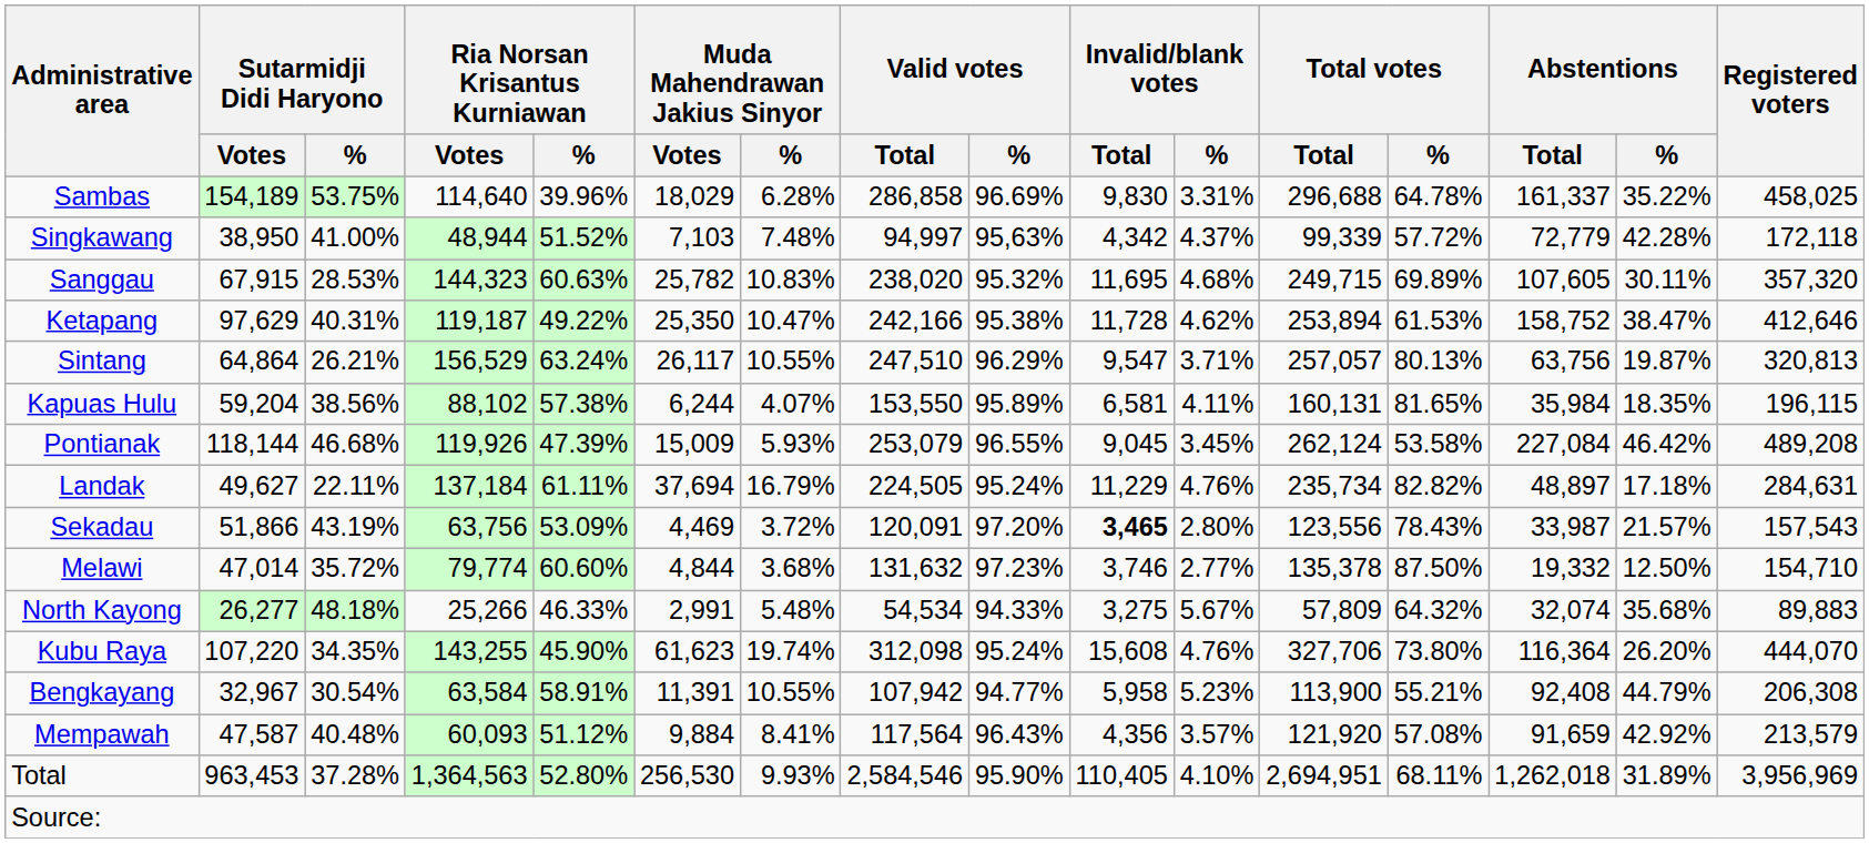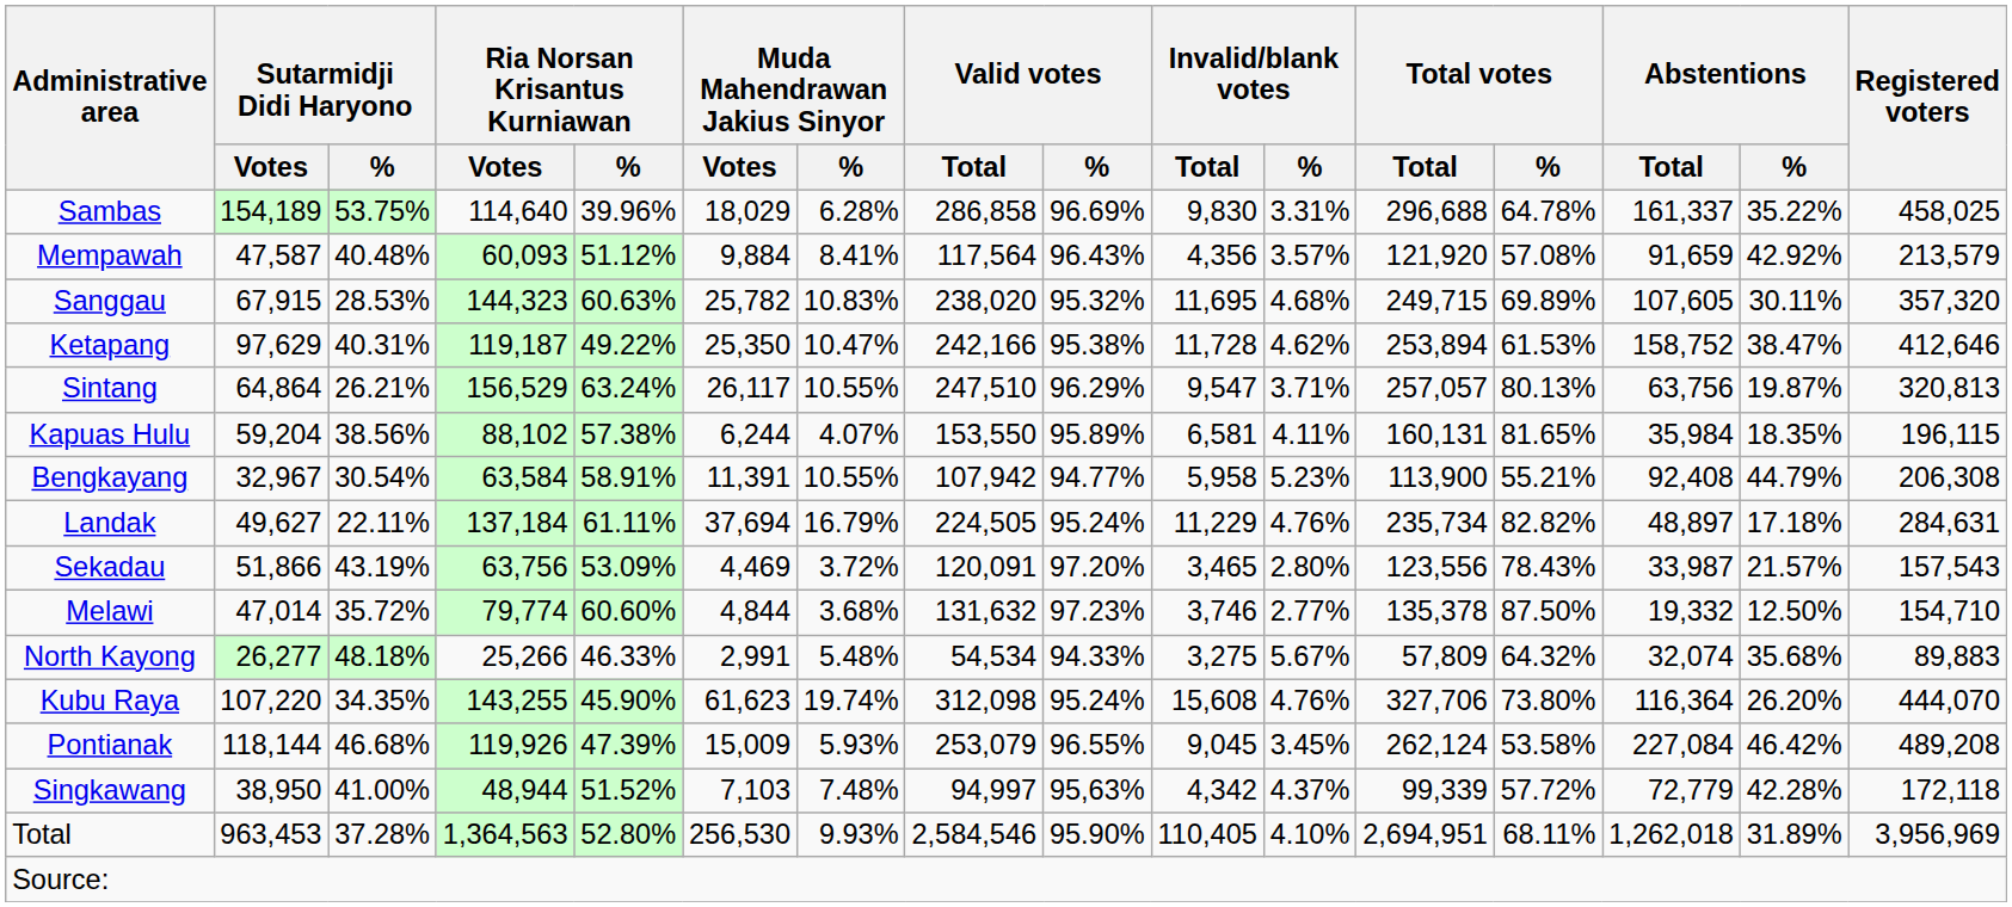 <table class="wikitable">
 <tr>
 <th rowspan="2">Administrative area</th>
 <th style="text-align:center;" colspan="2"><br>Sutarmidji<br>Didi Haryono</th>
 <th style="text-align:center;" colspan="2"><br> Ria Norsan<br>Krisantus Kurniawan</th>
 <th style="text-align:center;" colspan="2"><br> Muda Mahendrawan<br>Jakius Sinyor</th>
 <th colspan="2">Valid votes</th>
 <th colspan="2">Invalid/blank votes</th>
 <th colspan="2">Total votes</th>
 <th colspan="2">Abstentions</th>
 <th rowspan="2"><strong>Registered voters</strong></th>
 </tr>
 <tr>
 <th>Votes</th>
 <th>%</th>
 <th>Votes</th>
 <th>%</th>
 <th>Votes</th>
 <th>%</th>
 <th>Total</th>
 <th>%</th>
 <th>Total</th>
 <th>%</th>
 <th>Total</th>
 <th>%</th>
 <th>Total</th>
 <th>%</th>
 </tr>
 <tr>
 <td style="text-align:center;"><a href='#'>Sambas</a></td>
 <td style="background:#cfc; text-align:right;">154,189</td>
 <td style="background:#cfc; text-align:right;">53.75%</td>
 <td style="text-align:right;">114,640</td>
 <td style="text-align:right;">39.96%</td>
 <td style="text-align:right;">18,029</td>
 <td style="text-align:right;">6.28%</td>
 <td style="text-align:right;">286,858</td>
 <td style="text-align:right;">96.69%</td>
 <td style="text-align:right;">9,830</td>
 <td style="text-align:right;">3.31%</td>
 <td style="text-align:right;">296,688</td>
 <td style="text-align:right;">64.78%</td>
 <td style="text-align:right;">161,337</td>
 <td style="text-align:right;">35.22%</td>
 <td style="text-align:right;">458,025</td>
 </tr>
 <tr>
-<td style="text-align:center;"><a href='#'>Singkawang</a></td>
-<td style="text-align:right;">38,950</td>
-<td style="text-align:right;">41.00%</td>
-<td style="background:#cfc; text-align:right;">48,944</td>
-<td style="background:#cfc; text-align:right;">51.52%</td>
-<td style="text-align:right;">7,103</td>
-<td style="text-align:right;">7.48%</td>
-<td style="text-align:right;">94,997</td>
-<td style="text-align:right;">95,63%</td>
-<td style="text-align:right;">4,342</td>
-<td style="text-align:right;">4.37%</td>
-<td style="text-align:right;">99,339</td>
-<td style="text-align:right;">57.72%</td>
-<td style="text-align:right;">72,779</td>
-<td style="text-align:right;">42.28%</td>
-<td style="text-align:right;">172,118</td>
+<td style="text-align:center;"><a href='#'>Mempawah</a></td>
+<td style="text-align:right;">47,587</td>
+<td style="text-align:right;">40.48%</td>
+<td style="background:#cfc; text-align:right;">60,093</td>
+<td style="background:#cfc; text-align:right;">51.12%</td>
+<td style="text-align:right;">9,884</td>
+<td style="text-align:right;">8.41%</td>
+<td style="text-align:right;">117,564</td>
+<td style="text-align:right;">96.43%</td>
+<td style="text-align:right;">4,356</td>
+<td style="text-align:right;">3.57%</td>
+<td style="text-align:right;">121,920</td>
+<td style="text-align:right;">57.08%</td>
+<td style="text-align:right;">91,659</td>
+<td style="text-align:right;">42.92%</td>
+<td style="text-align:right;">213,579</td>
 </tr>
 <tr>
 <td style="text-align:center;"><a href='#'>Sanggau</a></td>
 <td style="text-align:right;">67,915</td>
 <td style="text-align:right;">28.53%</td>
 <td style="background:#cfc; text-align:right;">144,323</td>
 <td style="background:#cfc; text-align:right;">60.63%</td>
 <td style="text-align:right;">25,782</td>
 <td style="text-align:right;">10.83%</td>
 <td style="text-align:right;">238,020</td>
 <td style="text-align:right;">95.32%</td>
 <td style="text-align:right;">11,695</td>
 <td style="text-align:right;">4.68%</td>
 <td style="text-align:right;">249,715</td>
 <td style="text-align:right;">69.89%</td>
 <td style="text-align:right;">107,605</td>
 <td style="text-align:right;">30.11%</td>
 <td style="text-align:right;">357,320</td>
 </tr>
 <tr>
 <td style="text-align:center;"><a href='#'>Ketapang</a></td>
 <td style="text-align:right;">97,629</td>
 <td style="text-align:right;">40.31%</td>
 <td style="background:#cfc; text-align:right;">119,187</td>
 <td style="background:#cfc; text-align:right;">49.22%</td>
 <td style="text-align:right;">25,350</td>
 <td style="text-align:right;">10.47%</td>
 <td style="text-align:right;">242,166</td>
 <td style="text-align:right;">95.38%</td>
 <td style="text-align:right;">11,728</td>
 <td style="text-align:right;">4.62%</td>
 <td style="text-align:right;">253,894</td>
 <td style="text-align:right;">61.53%</td>
 <td style="text-align:right;">158,752</td>
 <td style="text-align:right;">38.47%</td>
 <td style="text-align:right;">412,646</td>
 </tr>
 <tr>
 <td style="text-align:center;"><a href='#'>Sintang</a></td>
 <td style="text-align:right;">64,864</td>
 <td style="text-align:right;">26.21%</td>
 <td style="background:#cfc; text-align:right;">156,529</td>
 <td style="background:#cfc; text-align:right;">63.24%</td>
 <td style="text-align:right;">26,117</td>
 <td style="text-align:right;">10.55%</td>
 <td style="text-align:right;">247,510</td>
 <td style="text-align:right;">96.29%</td>
 <td style="text-align:right;">9,547</td>
 <td style="text-align:right;">3.71%</td>
 <td style="text-align:right;">257,057</td>
 <td style="text-align:right;">80.13%</td>
 <td style="text-align:right;">63,756</td>
 <td style="text-align:right;">19.87%</td>
 <td style="text-align:right;">320,813</td>
 </tr>
 <tr>
 <td style="text-align:center;"><a href='#'>Kapuas Hulu</a></td>
 <td style="text-align:right;">59,204</td>
 <td style="text-align:right;">38.56%</td>
 <td style="background:#cfc; text-align:right;">88,102</td>
 <td style="background:#cfc; text-align:right;">57.38%</td>
 <td style="text-align:right;">6,244</td>
 <td style="text-align:right;">4.07%</td>
 <td style="text-align:right;">153,550</td>
 <td style="text-align:right;">95.89%</td>
 <td style="text-align:right;">6,581</td>
 <td style="text-align:right;">4.11%</td>
 <td style="text-align:right;">160,131</td>
 <td style="text-align:right;">81.65%</td>
 <td style="text-align:right;">35,984</td>
 <td style="text-align:right;">18.35%</td>
 <td style="text-align:right;">196,115</td>
 </tr>
 <tr>
-<td style="text-align:center;"><a href='#'>Pontianak</a></td>
-<td style="text-align:right;">118,144</td>
-<td style="text-align:right;">46.68%</td>
-<td style="background:#cfc; text-align:right;">119,926</td>
-<td style="background:#cfc; text-align:right;">47.39%</td>
-<td style="text-align:right;">15,009</td>
-<td style="text-align:right;">5.93%</td>
-<td style="text-align:right;">253,079</td>
-<td style="text-align:right;">96.55%</td>
-<td style="text-align:right;">9,045</td>
-<td style="text-align:right;">3.45%</td>
-<td style="text-align:right;">262,124</td>
-<td style="text-align:right;">53.58%</td>
-<td style="text-align:right;">227,084</td>
-<td style="text-align:right;">46.42%</td>
-<td style="text-align:right;">489,208</td>
+<td style="text-align:center;"><a href='#'>Bengkayang</a></td>
+<td style="text-align:right;">32,967</td>
+<td style="text-align:right;">30.54%</td>
+<td style="background:#cfc; text-align:right;">63,584</td>
+<td style="background:#cfc; text-align:right;">58.91%</td>
+<td style="text-align:right;">11,391</td>
+<td style="text-align:right;">10.55%</td>
+<td style="text-align:right;">107,942</td>
+<td style="text-align:right;">94.77%</td>
+<td style="text-align:right;">5,958</td>
+<td style="text-align:right;">5.23%</td>
+<td style="text-align:right;">113,900</td>
+<td style="text-align:right;">55.21%</td>
+<td style="text-align:right;">92,408</td>
+<td style="text-align:right;">44.79%</td>
+<td style="text-align:right;">206,308</td>
 </tr>
 <tr>
 <td style="text-align:center;"><a href='#'>Landak</a></td>
 <td style="text-align:right;">49,627</td>
 <td style="text-align:right;">22.11%</td>
 <td style="background:#cfc; text-align:right;">137,184</td>
 <td style="background:#cfc; text-align:right;">61.11%</td>
 <td style="text-align:right;">37,694</td>
 <td style="text-align:right;">16.79%</td>
 <td style="text-align:right;">224,505</td>
 <td style="text-align:right;">95.24%</td>
 <td style="text-align:right;">11,229</td>
 <td style="text-align:right;">4.76%</td>
 <td style="text-align:right;">235,734</td>
 <td style="text-align:right;">82.82%</td>
 <td style="text-align:right;">48,897</td>
 <td style="text-align:right;">17.18%</td>
 <td style="text-align:right;">284,631</td>
 </tr>
 <tr>
 <td style="text-align:center;"><a href='#'>Sekadau</a></td>
 <td style="text-align:right;">51,866</td>
 <td style="text-align:right;">43.19%</td>
 <td style="background:#cfc; text-align:right;">63,756</td>
 <td style="background:#cfc; text-align:right;">53.09%</td>
 <td style="text-align:right;">4,469</td>
 <td style="text-align:right;">3.72%</td>
 <td style="text-align:right;">120,091</td>
 <td style="text-align:right;">97.20%</td>
-<td style="text-align:right;"><strong>3,465</strong></td>
+<td style="text-align:right;">3,465</td>
 <td style="text-align:right;">2.80%</td>
 <td style="text-align:right;">123,556</td>
 <td style="text-align:right;">78.43%</td>
 <td style="text-align:right;">33,987</td>
 <td style="text-align:right;">21.57%</td>
 <td style="text-align:right;">157,543</td>
 </tr>
 <tr>
 <td style="text-align:center;"><a href='#'>Melawi</a></td>
 <td style="text-align:right;">47,014</td>
 <td style="text-align:right;">35.72%</td>
 <td style="background:#cfc; text-align:right;">79,774</td>
 <td style="background:#cfc; text-align:right;">60.60%</td>
 <td style="text-align:right;">4,844</td>
 <td style="text-align:right;">3.68%</td>
 <td style="text-align:right;">131,632</td>
 <td style="text-align:right;">97.23%</td>
 <td style="text-align:right;">3,746</td>
 <td style="text-align:right;">2.77%</td>
 <td style="text-align:right;">135,378</td>
 <td style="text-align:right;">87.50%</td>
 <td style="text-align:right;">19,332</td>
 <td style="text-align:right;">12.50%</td>
 <td style="text-align:right;">154,710</td>
 </tr>
 <tr>
 <td style="text-align:center;"><a href='#'>North Kayong</a></td>
 <td style="background:#cfc; text-align:right;">26,277</td>
 <td style="background:#cfc; text-align:right;">48.18%</td>
 <td style="text-align:right;">25,266</td>
 <td style="text-align:right;">46.33%</td>
 <td style="text-align:right;">2,991</td>
 <td style="text-align:right;">5.48%</td>
 <td style="text-align:right;">54,534</td>
 <td style="text-align:right;">94.33%</td>
 <td style="text-align:right;">3,275</td>
 <td style="text-align:right;">5.67%</td>
 <td style="text-align:right;">57,809</td>
 <td style="text-align:right;">64.32%</td>
 <td style="text-align:right;">32,074</td>
 <td style="text-align:right;">35.68%</td>
 <td style="text-align:right;">89,883</td>
 </tr>
 <tr>
 <td style="text-align:center;"><a href='#'>Kubu Raya</a></td>
 <td style="text-align:right;">107,220</td>
 <td style="text-align:right;">34.35%</td>
 <td style="background:#cfc; text-align:right;">143,255</td>
 <td style="background:#cfc; text-align:right;">45.90%</td>
 <td style="text-align:right;">61,623</td>
 <td style="text-align:right;">19.74%</td>
 <td style="text-align:right;">312,098</td>
 <td style="text-align:right;">95.24%</td>
 <td style="text-align:right;">15,608</td>
 <td style="text-align:right;">4.76%</td>
 <td style="text-align:right;">327,706</td>
 <td style="text-align:right;">73.80%</td>
 <td style="text-align:right;">116,364</td>
 <td style="text-align:right;">26.20%</td>
 <td style="text-align:right;">444,070</td>
 </tr>
 <tr>
-<td style="text-align:center;"><a href='#'>Bengkayang</a></td>
-<td style="text-align:right;">32,967</td>
-<td style="text-align:right;">30.54%</td>
-<td style="background:#cfc; text-align:right;">63,584</td>
-<td style="background:#cfc; text-align:right;">58.91%</td>
-<td style="text-align:right;">11,391</td>
-<td style="text-align:right;">10.55%</td>
-<td style="text-align:right;">107,942</td>
-<td style="text-align:right;">94.77%</td>
-<td style="text-align:right;">5,958</td>
-<td style="text-align:right;">5.23%</td>
-<td style="text-align:right;">113,900</td>
-<td style="text-align:right;">55.21%</td>
-<td style="text-align:right;">92,408</td>
-<td style="text-align:right;">44.79%</td>
-<td style="text-align:right;">206,308</td>
+<td style="text-align:center;"><a href='#'>Pontianak</a></td>
+<td style="text-align:right;">118,144</td>
+<td style="text-align:right;">46.68%</td>
+<td style="background:#cfc; text-align:right;">119,926</td>
+<td style="background:#cfc; text-align:right;">47.39%</td>
+<td style="text-align:right;">15,009</td>
+<td style="text-align:right;">5.93%</td>
+<td style="text-align:right;">253,079</td>
+<td style="text-align:right;">96.55%</td>
+<td style="text-align:right;">9,045</td>
+<td style="text-align:right;">3.45%</td>
+<td style="text-align:right;">262,124</td>
+<td style="text-align:right;">53.58%</td>
+<td style="text-align:right;">227,084</td>
+<td style="text-align:right;">46.42%</td>
+<td style="text-align:right;">489,208</td>
 </tr>
 <tr>
-<td style="text-align:center;"><a href='#'>Mempawah</a></td>
-<td style="text-align:right;">47,587</td>
-<td style="text-align:right;">40.48%</td>
-<td style="background:#cfc; text-align:right;">60,093</td>
-<td style="background:#cfc; text-align:right;">51.12%</td>
-<td style="text-align:right;">9,884</td>
-<td style="text-align:right;">8.41%</td>
-<td style="text-align:right;">117,564</td>
-<td style="text-align:right;">96.43%</td>
-<td style="text-align:right;">4,356</td>
-<td style="text-align:right;">3.57%</td>
-<td style="text-align:right;">121,920</td>
-<td style="text-align:right;">57.08%</td>
-<td style="text-align:right;">91,659</td>
-<td style="text-align:right;">42.92%</td>
-<td style="text-align:right;">213,579</td>
+<td style="text-align:center;"><a href='#'>Singkawang</a></td>
+<td style="text-align:right;">38,950</td>
+<td style="text-align:right;">41.00%</td>
+<td style="background:#cfc; text-align:right;">48,944</td>
+<td style="background:#cfc; text-align:right;">51.52%</td>
+<td style="text-align:right;">7,103</td>
+<td style="text-align:right;">7.48%</td>
+<td style="text-align:right;">94,997</td>
+<td style="text-align:right;">95,63%</td>
+<td style="text-align:right;">4,342</td>
+<td style="text-align:right;">4.37%</td>
+<td style="text-align:right;">99,339</td>
+<td style="text-align:right;">57.72%</td>
+<td style="text-align:right;">72,779</td>
+<td style="text-align:right;">42.28%</td>
+<td style="text-align:right;">172,118</td>
 </tr>
 <tr>
 <td>Total</td>
 <td style="text-align:right;">963,453</td>
 <td style="text-align:right;">37.28%</td>
 <td style="background:#cfc; text-align:right;">1,364,563</td>
 <td style="background:#cfc; text-align:right;">52.80%</td>
 <td style="text-align:right;">256,530</td>
 <td style="text-align:right;">9.93%</td>
 <td style="text-align:right;">2,584,546</td>
 <td style="text-align:right;">95.90%</td>
 <td style="text-align:right;">110,405</td>
 <td style="text-align:right;">4.10%</td>
 <td style="text-align:right;">2,694,951</td>
 <td style="text-align:right;">68.11%</td>
 <td style="text-align:right;">1,262,018</td>
 <td style="text-align:right;">31.89%</td>
 <td style="text-align:right;">3,956,969</td>
 </tr>
 <tr>
 <td colspan="16">Source: </td>
 </tr>
 </table>
